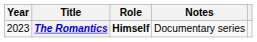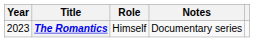 <table class="wikitable sortable plainrowheaders" style="text-align: margin;">
 <tr>
 <th scope="col">Year</th>
 <th scope="col">Title</th>
 <th scope="col">Role</th>
 <th scope="col" class="unsortable">Notes</th>
 <th scope="col" class="unsortable"></th>
 </tr>
 <tr>
 <td rowspan="2">2023</td>
 <th scope="row"><em><a href='#'>The Romantics</a></em></th>
-<td><strong>Himself</strong></td>
+<td>Himself</td>
 <td>Documentary series</td>
 <td style="text-align: center;"></td>
 </tr>
 </table>
